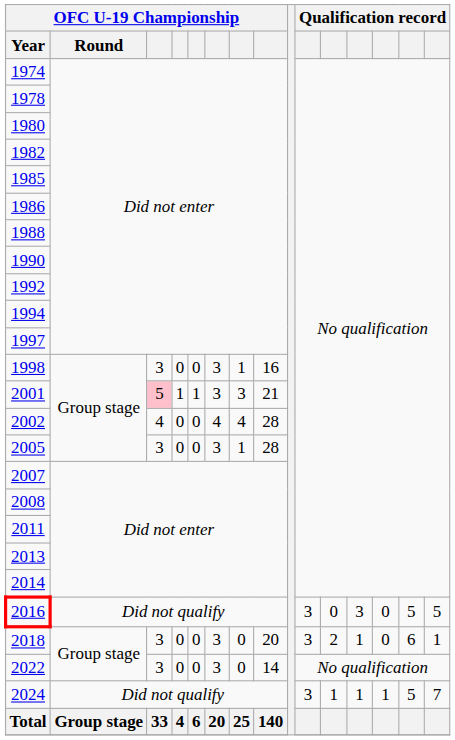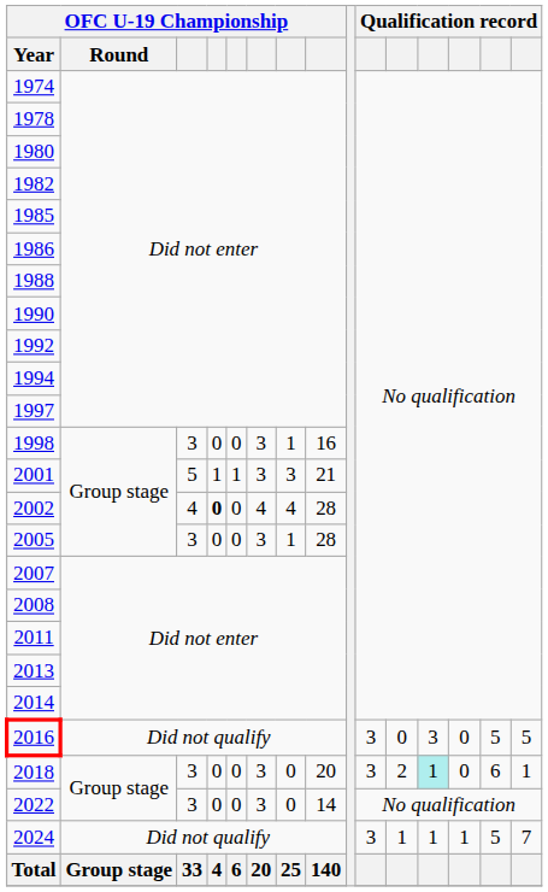 <table class="wikitable" style="text-align:center;">
 <tr>
 <th colspan=8><a href='#'>OFC U-19 Championship</a></th>
 <th rowspan=30></th>
 <th colspan=6>Qualification record</th>
 </tr>
 <tr>
 <th>Year</th>
 <th>Round</th>
 <th></th>
 <th></th>
 <th></th>
 <th></th>
 <th></th>
 <th></th>
 <th></th>
 <th></th>
 <th></th>
 <th></th>
 <th></th>
 <th></th>
 </tr>
 <tr>
 <td> <a href='#'>1974</a></td>
 <td colspan=7 rowspan=11><em>Did not enter</em></td>
 <td colspan=6 rowspan=20><em>No qualification</em></td>
 </tr>
 <tr>
 <td> <a href='#'>1978</a></td>
 </tr>
 <tr>
 <td> <a href='#'>1980</a></td>
 </tr>
 <tr>
 <td> <a href='#'>1982</a></td>
 </tr>
 <tr>
 <td> <a href='#'>1985</a></td>
 </tr>
 <tr>
 <td> <a href='#'>1986</a></td>
 </tr>
 <tr>
 <td> <a href='#'>1988</a></td>
 </tr>
 <tr>
 <td> <a href='#'>1990</a></td>
 </tr>
 <tr>
 <td> <a href='#'>1992</a></td>
 </tr>
 <tr>
 <td> <a href='#'>1994</a></td>
 </tr>
 <tr>
 <td> <a href='#'>1997</a></td>
 </tr>
 <tr>
 <td> <a href='#'>1998</a></td>
 <td rowspan=4>Group stage</td>
 <td>3</td>
 <td>0</td>
 <td>0</td>
 <td>3</td>
 <td>1</td>
 <td>16</td>
 </tr>
 <tr>
 <td>  <a href='#'>2001</a></td>
-<td style="background: pink;">5</td>
+<td>5</td>
 <td>1</td>
 <td>1</td>
 <td>3</td>
 <td>3</td>
 <td>21</td>
 </tr>
 <tr>
 <td>  <a href='#'>2002</a></td>
 <td>4</td>
-<td>0</td>
+<td><strong>0</strong></td>
 <td>0</td>
 <td>4</td>
 <td>4</td>
 <td>28</td>
 </tr>
 <tr>
 <td> <a href='#'>2005</a></td>
 <td>3</td>
 <td>0</td>
 <td>0</td>
 <td>3</td>
 <td>1</td>
 <td>28</td>
 </tr>
 <tr>
 <td> <a href='#'>2007</a></td>
 <td colspan=7 rowspan=5><em>Did not enter</em></td>
 </tr>
 <tr>
 <td> <a href='#'>2008</a></td>
 </tr>
 <tr>
 <td> <a href='#'>2011</a></td>
 </tr>
 <tr>
 <td> <a href='#'>2013</a></td>
 </tr>
 <tr>
 <td> <a href='#'>2014</a></td>
 </tr>
 <tr>
 <td style="border: 3px solid red">  <a href='#'>2016</a></td>
 <td colspan=8><em>Did not qualify</em></td>
 <td>3</td>
 <td>0</td>
 <td>3</td>
 <td>0</td>
 <td>5</td>
 <td>5</td>
 </tr>
 <tr>
 <td>  <a href='#'>2018</a></td>
 <td rowspan=2>Group stage</td>
 <td>3</td>
 <td>0</td>
 <td>0</td>
 <td>3</td>
 <td>0</td>
 <td>20</td>
 <td>3</td>
 <td>2</td>
-<td>1</td>
+<td style="background: paleturquoise;">1</td>
 <td>0</td>
 <td>6</td>
 <td>1</td>
 </tr>
 <tr>
 <td> <a href='#'>2022</a></td>
 <td>3</td>
 <td>0</td>
 <td>0</td>
 <td>3</td>
 <td>0</td>
 <td>14</td>
 <td colspan=6><em>No qualification</em></td>
 </tr>
 <tr>
 <td>  <a href='#'>2024</a></td>
 <td colspan=8><em>Did not qualify</em></td>
 <td>3</td>
 <td>1</td>
 <td>1</td>
 <td>1</td>
 <td>5</td>
 <td>7</td>
 </tr>
 <tr>
 <th><strong>Total</strong></th>
 <th><strong>Group stage</strong></th>
 <th><strong>33</strong></th>
 <th><strong>4</strong></th>
 <th><strong>6</strong></th>
 <th><strong>20</strong></th>
 <th><strong>25</strong></th>
 <th><strong>140</strong></th>
 <th></th>
 <th></th>
 <th></th>
 <th></th>
 <th></th>
 <th></th>
 </tr>
 <tr>
 </tr>
 </table>
